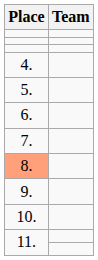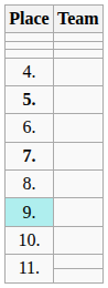 <table class="wikitable">
 <tr>
 <th>Place</th>
 <th>Team</th>
 </tr>
 <tr>
 <td align="center"></td>
 <td></td>
 </tr>
 <tr>
 <td align="center"></td>
 <td></td>
 </tr>
 <tr>
 <td align="center"></td>
 <td></td>
 </tr>
 <tr>
 <td align="center">4.</td>
 <td></td>
 </tr>
 <tr>
-<td align="center">5.</td>
+<td align="center"><strong>5.</strong></td>
 <td></td>
 </tr>
 <tr>
 <td align="center">6.</td>
 <td></td>
 </tr>
 <tr>
-<td align="center">7.</td>
+<td align="center"><strong>7.</strong></td>
 <td></td>
 </tr>
 <tr>
-<td align="center" style="background: lightsalmon;">8.</td>
+<td align="center">8.</td>
 <td></td>
 </tr>
 <tr>
-<td align="center">9.</td>
+<td align="center" style="background: paleturquoise;">9.</td>
 <td></td>
 </tr>
 <tr>
 <td align="center">10.</td>
 <td></td>
 </tr>
 <tr>
 <td rowspan=2 align="center">11.</td>
 <td></td>
 </tr>
 <tr>
 <td></td>
 </tr>
 </table>
